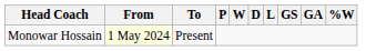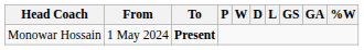 <table class="wikitable sortable" style="text-align: center">
 <tr>
 <th>Head Coach</th>
 <th class="unsortable">From</th>
 <th class="unsortable">To</th>
 <th abbr="3">P</th>
 <th abbr="1">W</th>
 <th abbr="1">D</th>
 <th abbr="1">L</th>
 <th abbr="4">GS</th>
 <th abbr="6">GA</th>
 <th abbr="50">%W</th>
 </tr>
 <tr>
 <td align="left"> Monowar Hossain</td>
-<td align="left" style="background: lightyellow;">1 May 2024</td>
-<td align="left">Present<br></td>
+<td align="left">1 May 2024</td>
+<td align="left"><strong>Present<br></strong></td>
 </tr>
 </table>
